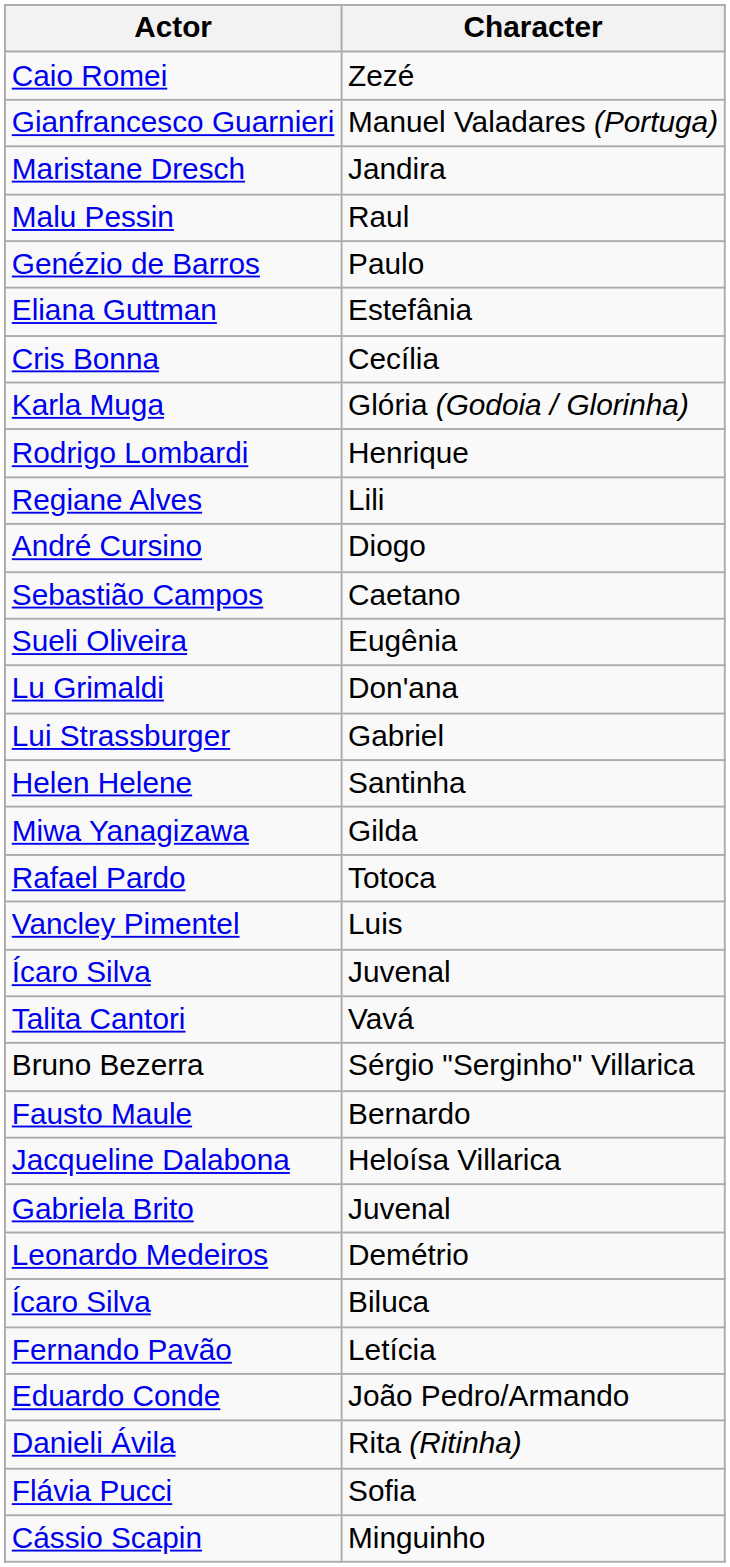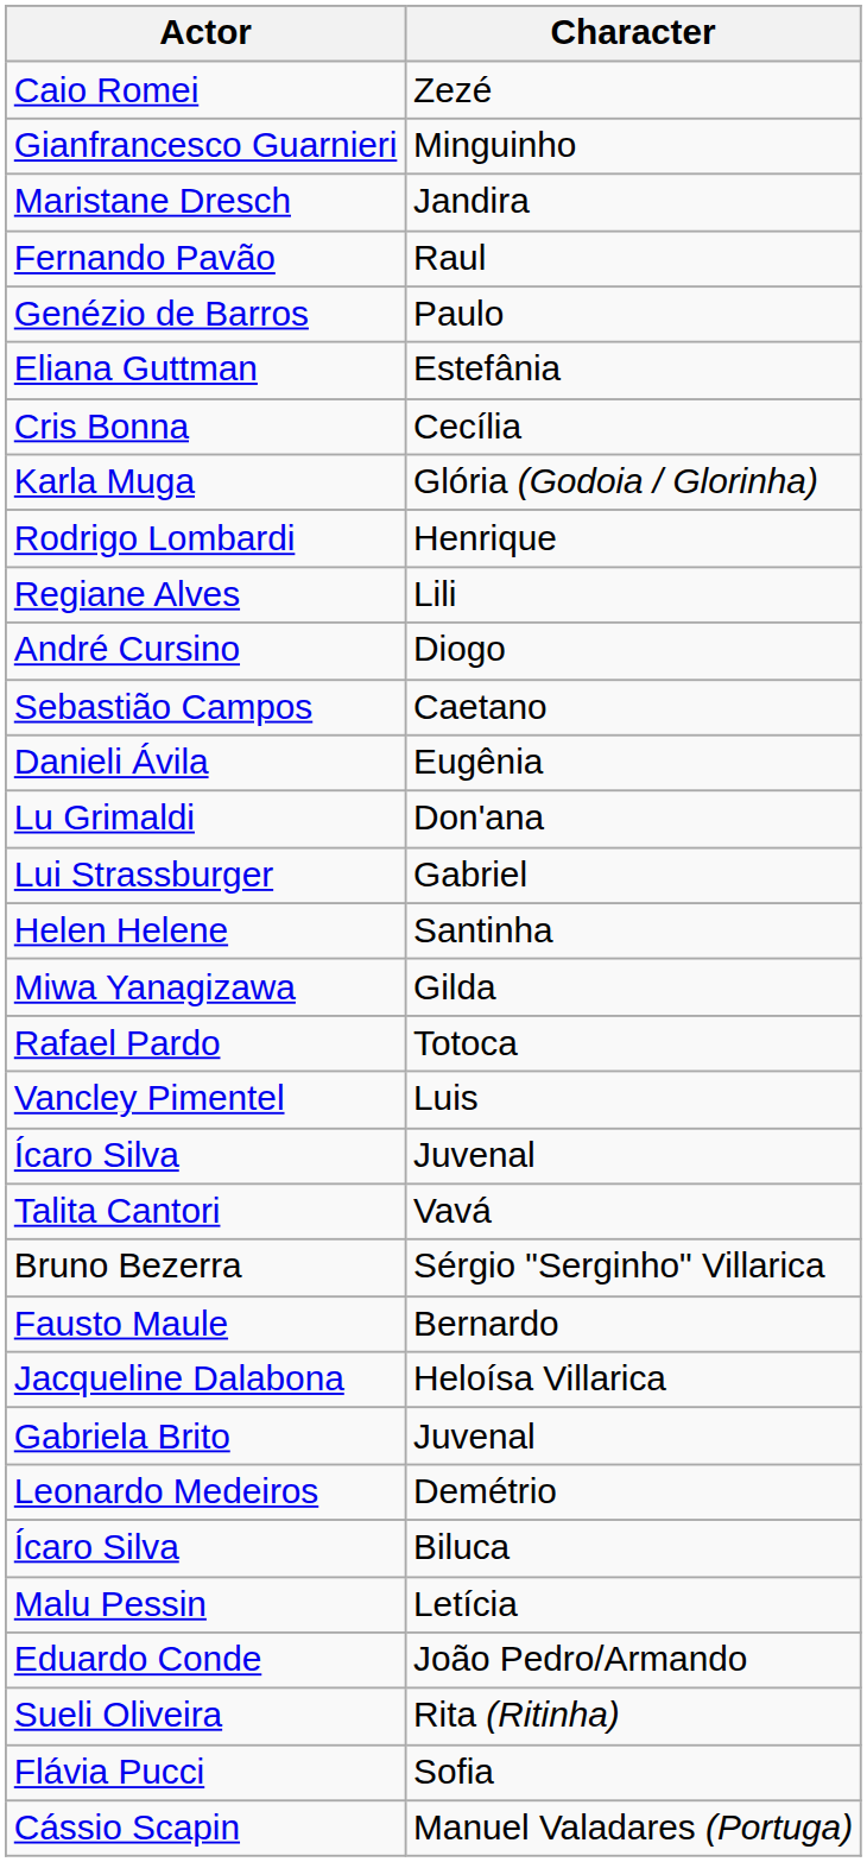 <table class="wikitable sortable">
 <tr style="background:#ccc;">
 <th>Actor</th>
 <th>Character</th>
 </tr>
 <tr>
 <td><a href='#'>Caio Romei</a></td>
 <td>Zezé</td>
 </tr>
 <tr>
 <td><a href='#'>Gianfrancesco Guarnieri</a></td>
-<td>Manuel Valadares <em>(Portuga)</em></td>
+<td>Minguinho</td>
 </tr>
 <tr>
 <td><a href='#'>Maristane Dresch</a></td>
 <td>Jandira</td>
 </tr>
 <tr>
-<td><a href='#'>Malu Pessin</a></td>
+<td><a href='#'>Fernando Pavão</a></td>
 <td>Raul</td>
 </tr>
 <tr>
 <td><a href='#'>Genézio de Barros</a></td>
 <td>Paulo</td>
 </tr>
 <tr>
 <td><a href='#'>Eliana Guttman</a></td>
 <td>Estefânia</td>
 </tr>
 <tr>
 <td><a href='#'>Cris Bonna</a></td>
 <td>Cecília</td>
 </tr>
 <tr>
 <td><a href='#'>Karla Muga</a></td>
 <td>Glória <em>(Godoia / Glorinha)</em></td>
 </tr>
 <tr>
 <td><a href='#'>Rodrigo Lombardi</a></td>
 <td>Henrique</td>
 </tr>
 <tr>
 <td><a href='#'>Regiane Alves</a></td>
 <td>Lili</td>
 </tr>
 <tr>
 <td><a href='#'>André Cursino</a></td>
 <td>Diogo</td>
 </tr>
 <tr>
 <td><a href='#'>Sebastião Campos</a></td>
 <td>Caetano</td>
 </tr>
 <tr>
-<td><a href='#'>Sueli Oliveira</a></td>
+<td><a href='#'>Danieli Ávila</a></td>
 <td>Eugênia</td>
 </tr>
 <tr>
 <td><a href='#'>Lu Grimaldi</a></td>
 <td>Don'ana</td>
 </tr>
 <tr>
 <td><a href='#'>Lui Strassburger</a></td>
 <td>Gabriel</td>
 </tr>
 <tr>
 <td><a href='#'>Helen Helene</a></td>
 <td>Santinha</td>
 </tr>
 <tr>
 <td><a href='#'>Miwa Yanagizawa</a></td>
 <td>Gilda</td>
 </tr>
 <tr>
 <td><a href='#'>Rafael Pardo</a></td>
 <td>Totoca</td>
 </tr>
 <tr>
 <td><a href='#'>Vancley Pimentel</a></td>
 <td>Luis</td>
 </tr>
 <tr>
 <td><a href='#'>Ícaro Silva</a></td>
 <td>Juvenal</td>
 </tr>
 <tr>
 <td><a href='#'>Talita Cantori</a></td>
 <td>Vavá</td>
 </tr>
 <tr>
 <td>Bruno Bezerra</td>
 <td>Sérgio "Serginho" Villarica</td>
 </tr>
 <tr>
 <td><a href='#'>Fausto Maule</a></td>
 <td>Bernardo</td>
 </tr>
 <tr>
 <td><a href='#'>Jacqueline Dalabona</a></td>
 <td>Heloísa Villarica</td>
 </tr>
 <tr>
 <td><a href='#'>Gabriela Brito</a></td>
 <td>Juvenal</td>
 </tr>
 <tr>
 <td><a href='#'>Leonardo Medeiros</a></td>
 <td>Demétrio</td>
 </tr>
 <tr>
 <td><a href='#'>Ícaro Silva</a></td>
 <td>Biluca</td>
 </tr>
 <tr>
-<td><a href='#'>Fernando Pavão</a></td>
+<td><a href='#'>Malu Pessin</a></td>
 <td>Letícia</td>
 </tr>
 <tr>
 <td><a href='#'>Eduardo Conde</a></td>
 <td>João Pedro/Armando</td>
 </tr>
 <tr>
-<td><a href='#'>Danieli Ávila</a></td>
+<td><a href='#'>Sueli Oliveira</a></td>
 <td>Rita <em>(Ritinha)</em></td>
 </tr>
 <tr>
 <td><a href='#'>Flávia Pucci</a></td>
 <td>Sofia</td>
 </tr>
 <tr>
 <td><a href='#'>Cássio Scapin</a></td>
-<td>Minguinho</td>
+<td>Manuel Valadares <em>(Portuga)</em></td>
 </tr>
 </table>
